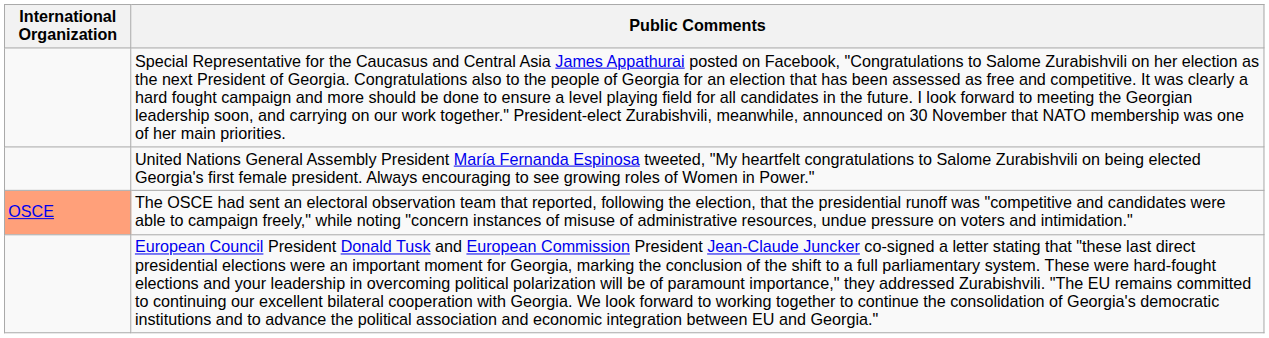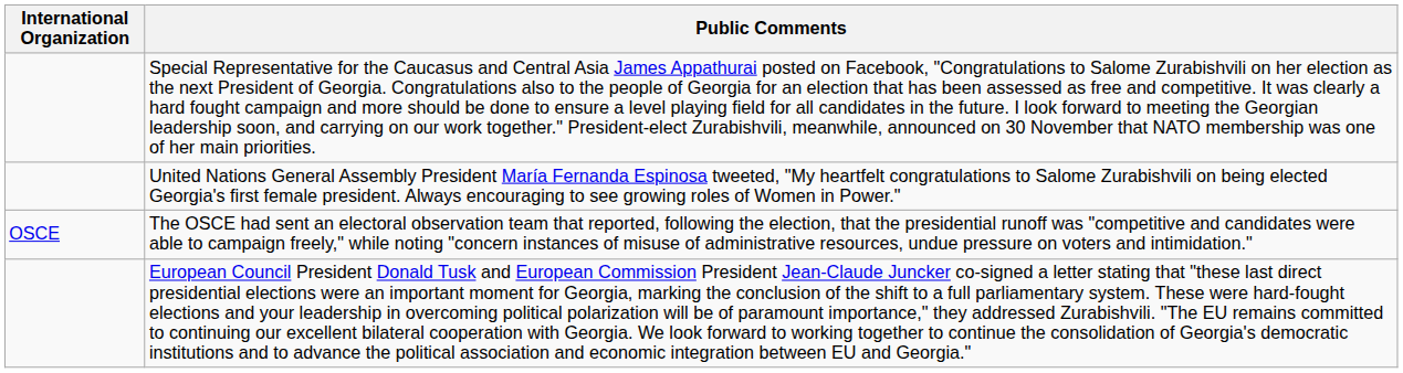 <table class="wikitable">
 <tr>
 <th>International Organization</th>
 <th>Public Comments</th>
 </tr>
 <tr>
 <td></td>
 <td>Special Representative for the Caucasus and Central Asia <a href='#'>James Appathurai</a> posted on Facebook, "Congratulations to Salome Zurabishvili on her election as the next President of Georgia. Congratulations also to the people of Georgia for an election that has been assessed as free and competitive. It was clearly a hard fought campaign and more should be done to ensure a level playing field for all candidates in the future. I look forward to meeting the Georgian leadership soon, and carrying on our work together." President-elect Zurabishvili, meanwhile, announced on 30 November that NATO membership was one of her main priorities.</td>
 </tr>
 <tr>
 <td></td>
 <td>United Nations General Assembly President <a href='#'>María Fernanda Espinosa</a> tweeted, "My heartfelt congratulations to Salome Zurabishvili on being elected Georgia's first female president. Always encouraging to see growing roles of Women in Power."</td>
 </tr>
 <tr>
-<td style="background: lightsalmon;"> <a href='#'>OSCE</a></td>
+<td> <a href='#'>OSCE</a></td>
 <td>The OSCE had sent an electoral observation team that reported, following the election, that the presidential runoff was "competitive and candidates were able to campaign freely," while noting "concern instances of misuse of administrative resources, undue pressure on voters and intimidation."</td>
 </tr>
 <tr>
 <td></td>
 <td><a href='#'>European Council</a> President <a href='#'>Donald Tusk</a> and <a href='#'>European Commission</a> President <a href='#'>Jean-Claude Juncker</a> co-signed a letter stating that "these last direct presidential elections were an important moment for Georgia, marking the conclusion of the shift to a full parliamentary system. These were hard-fought elections and your leadership in overcoming political polarization will be of paramount importance," they addressed Zurabishvili. "The EU remains committed to continuing our excellent bilateral cooperation with Georgia. We look forward to working together to continue the consolidation of Georgia's democratic institutions and to advance the political association and economic integration between EU and Georgia."</td>
 </tr>
 </table>
